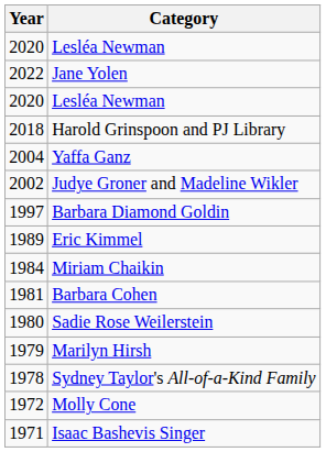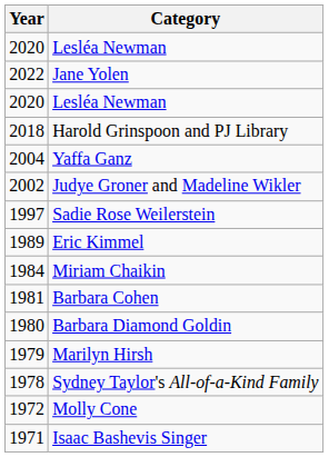 <table class="wikitable">
 <tr>
 <th scope="col">Year</th>
 <th scope="col">Category</th>
 </tr>
 <tr>
 <td>2020</td>
 <td><a href='#'>Lesléa Newman</a></td>
 </tr>
 <tr>
 <td>2022</td>
 <td><a href='#'>Jane Yolen</a></td>
 </tr>
 <tr>
 <td>2020</td>
 <td><a href='#'>Lesléa Newman</a></td>
 </tr>
 <tr>
 <td>2018</td>
 <td>Harold Grinspoon and PJ Library</td>
 </tr>
 <tr>
 <td>2004</td>
 <td><a href='#'>Yaffa Ganz</a></td>
 </tr>
 <tr>
 <td>2002</td>
 <td><a href='#'>Judye Groner</a> and <a href='#'>Madeline Wikler</a></td>
 </tr>
 <tr>
 <td>1997</td>
-<td><a href='#'>Barbara Diamond Goldin</a></td>
+<td><a href='#'>Sadie Rose Weilerstein</a></td>
 </tr>
 <tr>
 <td>1989</td>
 <td><a href='#'>Eric Kimmel</a></td>
 </tr>
 <tr>
 <td>1984</td>
 <td><a href='#'>Miriam Chaikin</a></td>
 </tr>
 <tr>
 <td>1981</td>
 <td><a href='#'>Barbara Cohen</a></td>
 </tr>
 <tr>
 <td>1980</td>
-<td><a href='#'>Sadie Rose Weilerstein</a></td>
+<td><a href='#'>Barbara Diamond Goldin</a></td>
 </tr>
 <tr>
 <td>1979</td>
 <td><a href='#'>Marilyn Hirsh</a></td>
 </tr>
 <tr>
 <td>1978</td>
 <td><a href='#'>Sydney Taylor</a>'s <em>All-of-a-Kind Family</em></td>
 </tr>
 <tr>
 <td>1972</td>
 <td><a href='#'>Molly Cone</a></td>
 </tr>
 <tr>
 <td>1971</td>
 <td><a href='#'>Isaac Bashevis Singer</a></td>
 </tr>
 </table>
